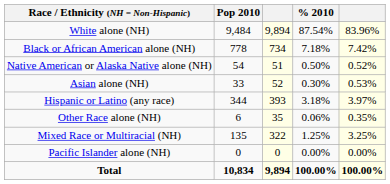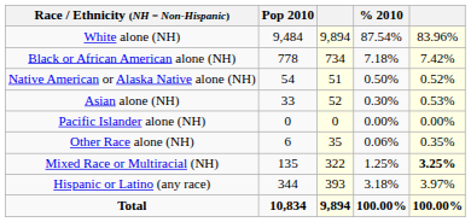 <table class="wikitable" style="text-align:center;">
 <tr>
 <th>Race / Ethnicity <small>(<em>NH = Non-Hispanic</em>)</small></th>
 <th>Pop 2010</th>
 <th></th>
 <th>% 2010</th>
 <th></th>
 </tr>
 <tr>
 <td><a href='#'>White</a> alone (NH)</td>
 <td>9,484</td>
 <td style='background: #ffffe6;'>9,894</td>
 <td>87.54%</td>
 <td style='background: #ffffe6;'>83.96%</td>
 </tr>
 <tr>
 <td><a href='#'>Black or African American</a> alone (NH)</td>
 <td>778</td>
 <td style='background: #ffffe6;'>734</td>
 <td>7.18%</td>
 <td style='background: #ffffe6;'>7.42%</td>
 </tr>
 <tr>
 <td><a href='#'>Native American</a> or <a href='#'>Alaska Native</a> alone (NH)</td>
 <td>54</td>
 <td style='background: #ffffe6;'>51</td>
 <td>0.50%</td>
 <td style='background: #ffffe6;'>0.52%</td>
 </tr>
 <tr>
 <td><a href='#'>Asian</a> alone (NH)</td>
 <td>33</td>
 <td style='background: #ffffe6;'>52</td>
 <td>0.30%</td>
 <td style='background: #ffffe6;'>0.53%</td>
 </tr>
 <tr>
-<td><a href='#'>Hispanic or Latino</a> (any race)</td>
-<td>344</td>
-<td style='background: #ffffe6;'>393</td>
-<td>3.18%</td>
-<td style='background: #ffffe6;'>3.97%</td>
+<td><a href='#'>Pacific Islander</a> alone (NH)</td>
+<td>0</td>
+<td style='background: #ffffe6;'>0</td>
+<td>0.00%</td>
+<td style='background: #ffffe6;'>0.00%</td>
 </tr>
 <tr>
 <td><a href='#'>Other Race</a> alone (NH)</td>
 <td>6</td>
 <td style='background: #ffffe6;'>35</td>
 <td>0.06%</td>
 <td style='background: #ffffe6;'>0.35%</td>
 </tr>
 <tr>
 <td><a href='#'>Mixed Race or Multiracial</a> (NH)</td>
 <td>135</td>
 <td style='background: #ffffe6;'>322</td>
 <td>1.25%</td>
-<td style='background: #ffffe6;'>3.25%</td>
+<td style='background: #ffffe6;'><strong>3.25%</strong></td>
 </tr>
 <tr>
-<td><a href='#'>Pacific Islander</a> alone (NH)</td>
-<td>0</td>
-<td style='background: #ffffe6;'>0</td>
-<td>0.00%</td>
-<td style='background: #ffffe6;'>0.00%</td>
+<td><a href='#'>Hispanic or Latino</a> (any race)</td>
+<td>344</td>
+<td style='background: #ffffe6;'>393</td>
+<td>3.18%</td>
+<td style='background: #ffffe6;'>3.97%</td>
 </tr>
 <tr>
 <td><strong>Total</strong></td>
 <td><strong>10,834</strong></td>
 <td style='background: #ffffe6;'><strong>9,894</strong></td>
 <td><strong>100.00%</strong></td>
 <td style='background: #ffffe6;'><strong>100.00%</strong></td>
 </tr>
 </table>
